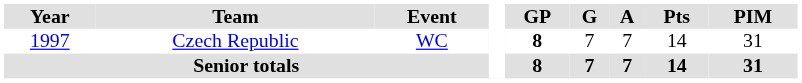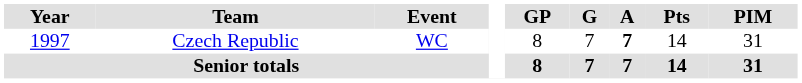 <table border="0" cellpadding="1" cellspacing="0" style="text-align:center; width:40em">
 <tr ALIGN="center" bgcolor="#e0e0e0">
 <th>Year</th>
 <th>Team</th>
 <th>Event</th>
 <th ALIGN="center" rowspan="99" bgcolor="#ffffff"> </th>
 <th>GP</th>
 <th>G</th>
 <th>A</th>
 <th>Pts</th>
 <th>PIM</th>
 </tr>
 <tr>
 <td><a href='#'>1997</a></td>
 <td><a href='#'>Czech Republic</a></td>
 <td><a href='#'>WC</a></td>
-<td><strong>8</strong></td>
+<td>8</td>
 <td>7</td>
-<td>7</td>
+<td><strong>7</strong></td>
 <td>14</td>
 <td>31</td>
 </tr>
 <tr bgcolor="#e0e0e0">
 <th colspan="3">Senior totals</th>
 <th>8</th>
 <th>7</th>
 <th>7</th>
 <th>14</th>
 <th>31</th>
 </tr>
 </table>
